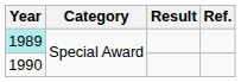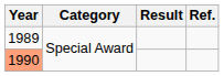 <table class="wikitable plainrowheaders sortable">
 <tr>
 <th>Year</th>
 <th>Category</th>
 <th>Result</th>
 <th>Ref.</th>
 </tr>
 <tr>
-<td style="background: paleturquoise;">1989</td>
+<td>1989</td>
 <td rowspan='2'>Special Award</td>
 <td></td>
 <td></td>
 </tr>
 <tr>
-<td>1990</td>
+<td style="background: lightsalmon;">1990</td>
 <td></td>
 <td></td>
 </tr>
 </table>
